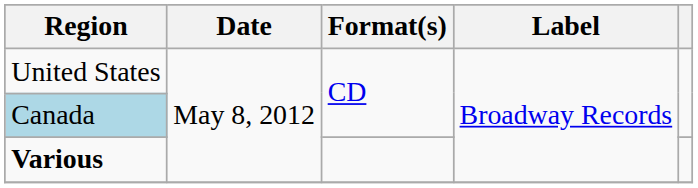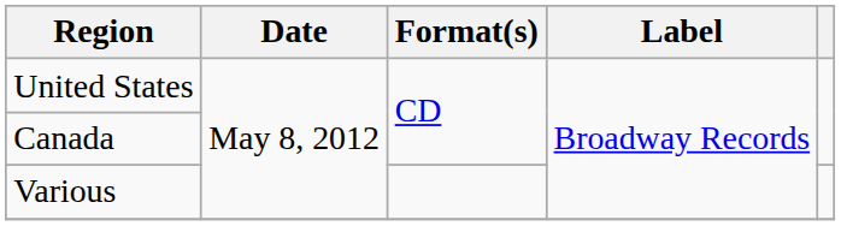 <table class="wikitable plainrowheaders">
 <tr>
 <th scope="col">Region</th>
 <th scope="col">Date</th>
 <th scope="col">Format(s)</th>
 <th scope="col">Label</th>
 <th scope="col"></th>
 </tr>
 <tr>
 <td rowspan="1">United States</td>
 <td rowspan="3">May 8, 2012</td>
 <td rowspan="2"><a href='#'>CD</a></td>
 <td rowspan="3"><a href='#'>Broadway Records</a></td>
 <td style="text-align:center;" rowspan="2"></td>
 </tr>
 <tr>
-<td rowspan="1" style="background: lightblue;">Canada</td>
+<td rowspan="1">Canada</td>
 </tr>
 <tr>
-<td rowspan="1"><strong>Various</strong></td>
+<td rowspan="1">Various</td>
 <td rowspan="1"></td>
 <td style="text-align:center;"></td>
 </tr>
 <tr>
 </tr>
 </table>
